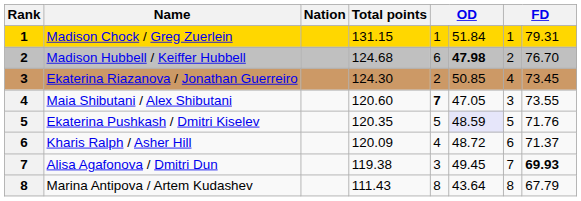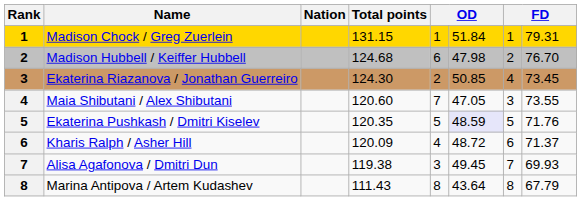 <table class="wikitable">
 <tr>
 <th>Rank</th>
 <th>Name</th>
 <th>Nation</th>
 <th>Total points</th>
 <th colspan="2" width="80px"><a href='#'>OD</a></th>
 <th colspan="2" width="80px"><a href='#'>FD</a></th>
 </tr>
 <tr bgcolor="gold">
 <td align="center"><strong>1</strong></td>
 <td><a href='#'>Madison Chock</a> / <a href='#'>Greg Zuerlein</a></td>
 <td></td>
 <td>131.15</td>
 <td>1</td>
 <td>51.84</td>
 <td>1</td>
 <td>79.31</td>
 </tr>
 <tr bgcolor="silver">
 <td align="center"><strong>2</strong></td>
 <td><a href='#'>Madison Hubbell</a> / <a href='#'>Keiffer Hubbell</a></td>
 <td></td>
 <td>124.68</td>
 <td>6</td>
-<td><strong>47.98</strong></td>
+<td>47.98</td>
 <td>2</td>
 <td>76.70</td>
 </tr>
 <tr bgcolor="cc9966">
 <td align="center"><strong>3</strong></td>
 <td><a href='#'>Ekaterina Riazanova</a> / <a href='#'>Jonathan Guerreiro</a></td>
 <td></td>
 <td>124.30</td>
 <td>2</td>
 <td>50.85</td>
 <td>4</td>
 <td>73.45</td>
 </tr>
 <tr>
 <th>4</th>
 <td><a href='#'>Maia Shibutani</a> / <a href='#'>Alex Shibutani</a></td>
 <td></td>
 <td>120.60</td>
-<td><strong>7</strong></td>
+<td>7</td>
 <td>47.05</td>
 <td>3</td>
 <td>73.55</td>
 </tr>
 <tr>
 <th>5</th>
 <td><a href='#'>Ekaterina Pushkash</a> / <a href='#'>Dmitri Kiselev</a></td>
 <td></td>
 <td>120.35</td>
 <td>5</td>
 <td style="background: lavender;">48.59</td>
 <td>5</td>
 <td>71.76</td>
 </tr>
 <tr>
 <th>6</th>
 <td><a href='#'>Kharis Ralph</a> / <a href='#'>Asher Hill</a></td>
 <td></td>
 <td>120.09</td>
 <td>4</td>
 <td>48.72</td>
 <td>6</td>
 <td>71.37</td>
 </tr>
 <tr>
 <th>7</th>
 <td><a href='#'>Alisa Agafonova</a> / <a href='#'>Dmitri Dun</a></td>
 <td></td>
 <td>119.38</td>
 <td>3</td>
 <td>49.45</td>
 <td>7</td>
-<td><strong>69.93</strong></td>
+<td>69.93</td>
 </tr>
 <tr>
 <th>8</th>
 <td>Marina Antipova / Artem Kudashev</td>
 <td></td>
 <td>111.43</td>
 <td>8</td>
 <td>43.64</td>
 <td>8</td>
 <td>67.79</td>
 </tr>
 </table>
